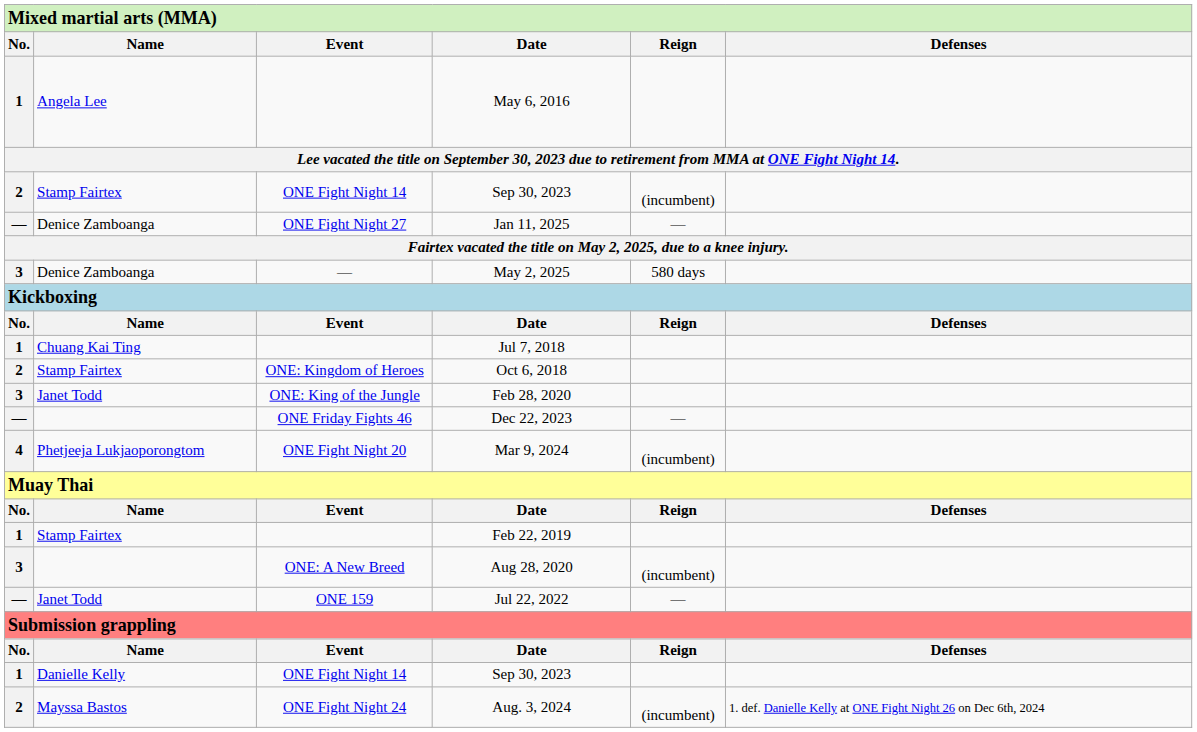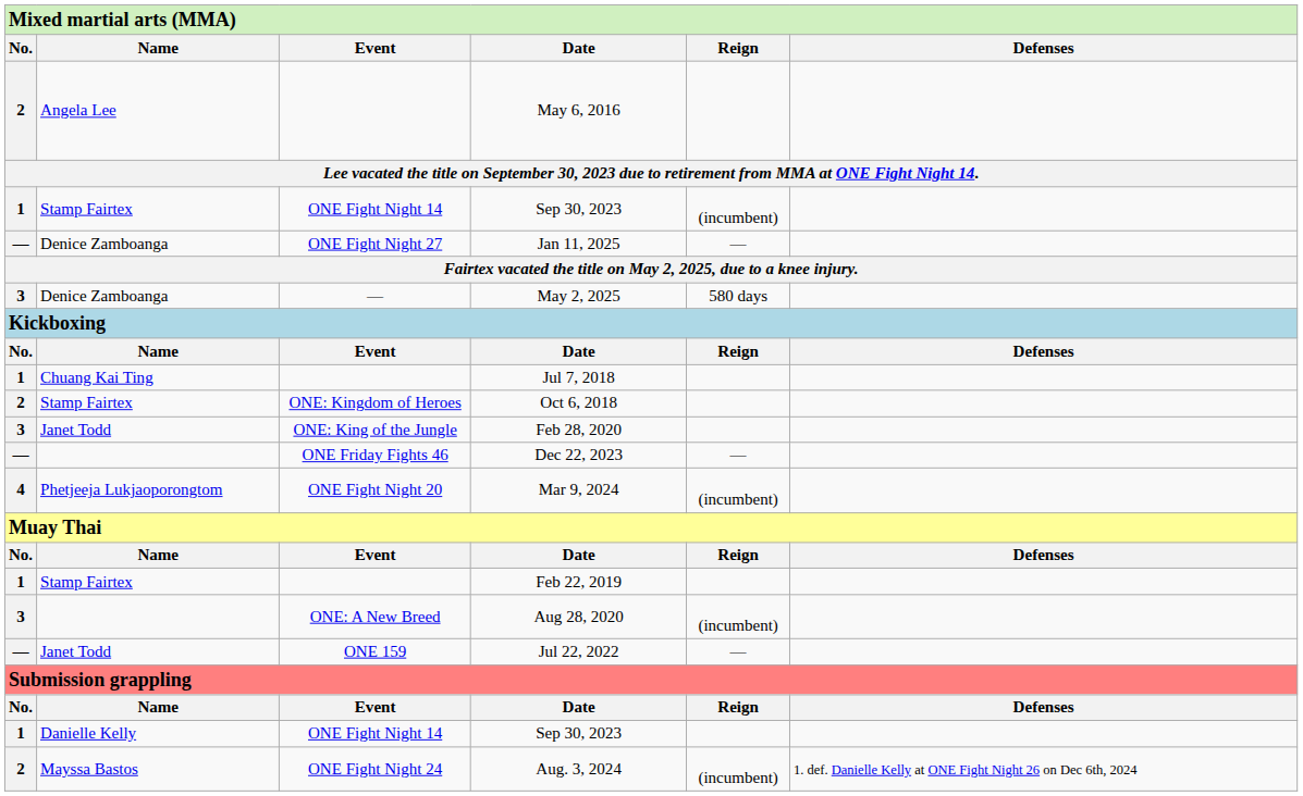 <table class="wikitable" width=100%>
 <tr>
 <td align=left colspan="6" bgcolor="#D0F0C0"><big><strong>Mixed martial arts (MMA)</strong></big></td>
 </tr>
 <tr>
 <th width=1%>No.</th>
 <th width=19%>Name</th>
 <th width=15%>Event</th>
 <th width=17%>Date</th>
 <th width=8%>Reign</th>
 <th width=40%>Defenses</th>
 </tr>
 <tr>
-<th>1</th>
+<th>2</th>
 <td> <a href='#'>Angela Lee</a><br></td>
 <td align=center><br></td>
 <td align=center>May 6, 2016</td>
 <td align=center></td>
 <td><br><br> <br> <br> <br> </td>
 </tr>
 <tr>
 <th colspan=6 align=center><em>Lee vacated the title on September 30, 2023 due to retirement from MMA at <a href='#'>ONE Fight Night 14</a></em>.</th>
 </tr>
 <tr>
-<th>2</th>
+<th>1</th>
 <td> <a href='#'>Stamp Fairtex</a> <br> </td>
 <td align=center><a href='#'>ONE Fight Night 14</a><br></td>
 <td align=center>Sep 30, 2023</td>
 <td align=center><br>(incumbent)<br></td>
 <td></td>
 </tr>
 <tr>
 <th>—</th>
 <td> Denice Zamboanga <br></td>
 <td align=center><a href='#'>ONE Fight Night 27</a><br></td>
 <td align=center>Jan 11, 2025</td>
 <td align=center>—</td>
 <td></td>
 </tr>
 <tr>
 <th colspan=6 align=center><em>Fairtex vacated the title on May 2, 2025, due to a knee injury.</em></th>
 </tr>
 <tr>
 <th>3</th>
 <td> Denice Zamboanga <br> </td>
 <td align=center>—</td>
 <td align=center>May 2, 2025</td>
 <td align=center>580 days</td>
 <td></td>
 </tr>
 <tr>
 <td align=left colspan="6" bgcolor="#ADD8E6"><big><strong>Kickboxing</strong></big></td>
 </tr>
 <tr>
 <th width=1%>No.</th>
 <th width=19%>Name</th>
 <th width=15%>Event</th>
 <th width=17%>Date</th>
 <th width=8%>Reign</th>
 <th width=40%>Defenses</th>
 </tr>
 <tr>
 <th>1</th>
 <td> <a href='#'>Chuang Kai Ting</a><br></td>
 <td align=center><br></td>
 <td align=center>Jul 7, 2018</td>
 <td align=center></td>
 <td></td>
 </tr>
 <tr>
 <th>2</th>
 <td> <a href='#'>Stamp Fairtex</a></td>
 <td align=center><a href='#'>ONE: Kingdom of Heroes</a><br></td>
 <td align=center>Oct 6, 2018</td>
 <td align=center></td>
 <td></td>
 </tr>
 <tr>
 <th>3</th>
 <td> <a href='#'>Janet Todd</a></td>
 <td align=center><a href='#'>ONE: King of the Jungle</a><br></td>
 <td align=center>Feb 28, 2020</td>
 <td align=center><br></td>
 <td></td>
 </tr>
 <tr>
 <th>—</th>
 <td> <br> </td>
 <td align=center><a href='#'>ONE Friday Fights 46</a><br></td>
 <td align=center>Dec 22, 2023</td>
 <td align=center>—</td>
 <td></td>
 </tr>
 <tr>
 <th>4</th>
 <td> <a href='#'>Phetjeeja Lukjaoporongtom</a></td>
 <td align=center><a href='#'>ONE Fight Night 20</a><br></td>
 <td align=center>Mar 9, 2024</td>
 <td align=center><br>(incumbent)<br></td>
 <td></td>
 </tr>
 <tr>
 <td align=left colspan="6" bgcolor="#FFFF99"><big><strong>Muay Thai</strong></big></td>
 </tr>
 <tr>
 <th width=1%>No.</th>
 <th width=19%>Name</th>
 <th width=15%>Event</th>
 <th width=17%>Date</th>
 <th width=8%>Reign</th>
 <th width=40%>Defenses</th>
 </tr>
 <tr>
 <th>1</th>
 <td> <a href='#'>Stamp Fairtex</a><br></td>
 <td align=center><br></td>
 <td align=center>Feb 22, 2019</td>
 <td align=center></td>
 <td><br></td>
 </tr>
 <tr>
 <th>3</th>
 <td></td>
 <td align=center><a href='#'>ONE: A New Breed</a><br></td>
 <td align=center>Aug 28, 2020</td>
 <td align=center><br>(incumbent)<br></td>
 <td><br><br> </td>
 </tr>
 <tr>
 <th>—</th>
 <td> <a href='#'>Janet Todd</a> <br></td>
 <td align=center><a href='#'>ONE 159</a><br></td>
 <td align=center>Jul 22, 2022</td>
 <td align=center>—</td>
 <td></td>
 </tr>
 <tr>
 <td align=left colspan="6" bgcolor="#FF7F7F"><big><strong>Submission grappling</strong></big></td>
 </tr>
 <tr>
 <th width=1%>No.</th>
 <th width=19%>Name</th>
 <th width=15%>Event</th>
 <th width=17%>Date</th>
 <th width=8%>Reign</th>
 <th width=40%>Defenses</th>
 </tr>
 <tr>
 <th>1</th>
 <td> <a href='#'>Danielle Kelly</a> <br></td>
 <td align=center><a href='#'>ONE Fight Night 14</a><br></td>
 <td align=center>Sep 30, 2023</td>
 <td align=center></td>
 </tr>
 <tr>
 <th>2</th>
 <td> <a href='#'>Mayssa Bastos</a></td>
 <td align=center><a href='#'>ONE Fight Night 24</a><br></td>
 <td align=center>Aug. 3, 2024</td>
 <td align=center><br>(incumbent)<br></td>
 <td><small>1. def. <a href='#'>Danielle Kelly</a> at <a href='#'>ONE Fight Night 26</a> on Dec 6th, 2024</small></td>
 </tr>
 </table>
